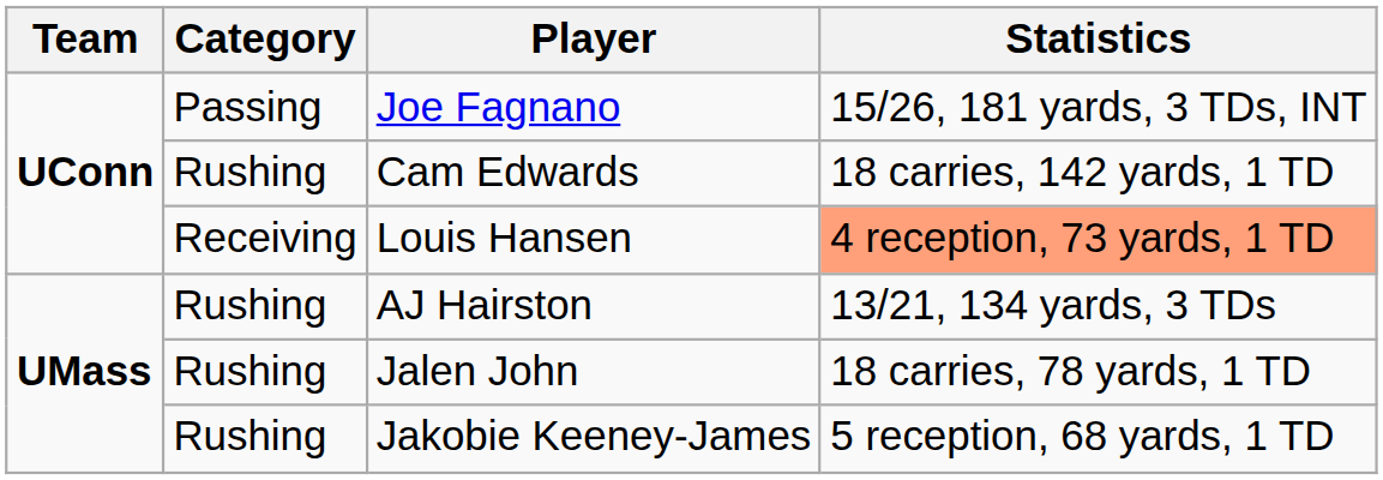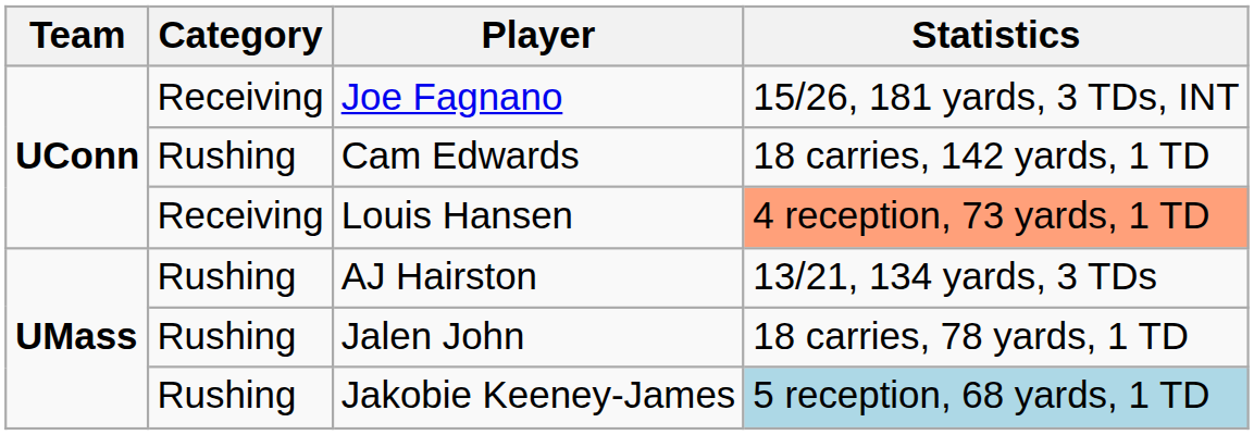 <table class="wikitable" style="float: right;">
 <tr>
 <th>Team</th>
 <th>Category</th>
 <th>Player</th>
 <th>Statistics</th>
 </tr>
 <tr>
 <td rowspan=3><strong>UConn</strong></td>
-<td>Passing</td>
+<td>Receiving</td>
 <td><a href='#'>Joe Fagnano</a></td>
 <td>15/26, 181 yards, 3 TDs, INT</td>
 </tr>
 <tr>
 <td>Rushing</td>
 <td>Cam Edwards</td>
 <td>18 carries, 142 yards, 1 TD</td>
 </tr>
 <tr>
 <td>Receiving</td>
 <td>Louis Hansen</td>
 <td style="background: lightsalmon;">4 reception, 73 yards, 1 TD</td>
 </tr>
 <tr>
 <td rowspan=3><strong>UMass</strong></td>
 <td>Rushing</td>
 <td>AJ Hairston</td>
 <td>13/21, 134 yards, 3 TDs</td>
 </tr>
 <tr>
 <td>Rushing</td>
 <td>Jalen John</td>
 <td>18 carries, 78 yards, 1 TD</td>
 </tr>
 <tr>
 <td>Rushing</td>
 <td>Jakobie Keeney-James</td>
-<td>5 reception, 68 yards, 1 TD</td>
+<td style="background: lightblue;">5 reception, 68 yards, 1 TD</td>
 </tr>
 </table>
